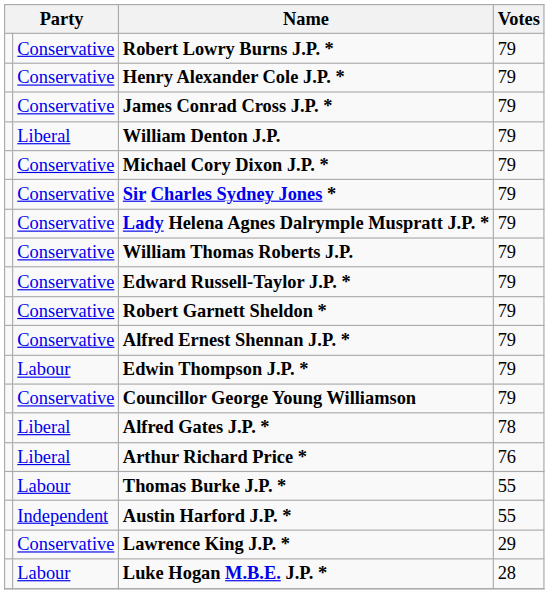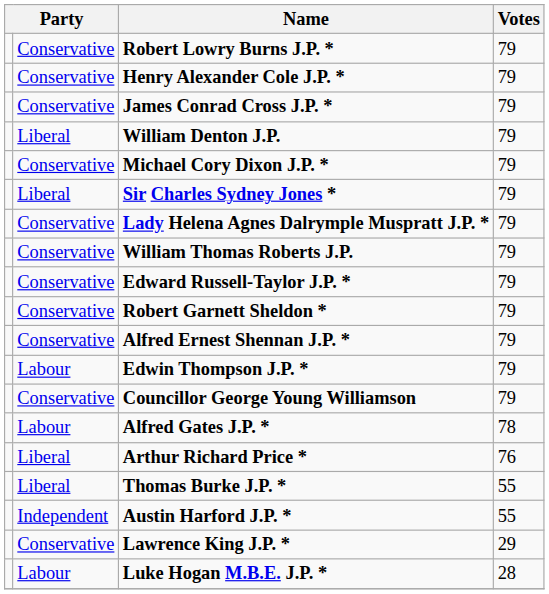 <table class="wikitable">
 <tr>
 <th colspan="2">Party</th>
 <th>Name</th>
 <th>Votes</th>
 </tr>
 <tr>
 <td style="background-color:"></td>
 <td><a href='#'>Conservative</a></td>
 <td><strong>Robert Lowry Burns J.P. *</strong></td>
 <td>79</td>
 </tr>
 <tr>
 <td style="background-color:"></td>
 <td><a href='#'>Conservative</a></td>
 <td><strong>Henry Alexander Cole J.P. *</strong></td>
 <td>79</td>
 </tr>
 <tr>
 <td style="background-color:"></td>
 <td><a href='#'>Conservative</a></td>
 <td><strong>James Conrad Cross J.P. *</strong></td>
 <td>79</td>
 </tr>
 <tr>
 <td style="background-color:"></td>
 <td><a href='#'>Liberal</a></td>
 <td><strong>William Denton J.P.</strong></td>
 <td>79</td>
 </tr>
 <tr>
 <td style="background-color:"></td>
 <td><a href='#'>Conservative</a></td>
 <td><strong>Michael Cory Dixon J.P. *</strong></td>
 <td>79</td>
 </tr>
 <tr>
 <td style="background-color:"></td>
-<td><a href='#'>Conservative</a></td>
+<td><a href='#'>Liberal</a></td>
 <td><strong><a href='#'>Sir</a> <a href='#'>Charles Sydney Jones</a> *</strong></td>
 <td>79</td>
 </tr>
 <tr>
 <td style="background-color:"></td>
 <td><a href='#'>Conservative</a></td>
 <td><strong><a href='#'>Lady</a> Helena Agnes Dalrymple Muspratt J.P. *</strong></td>
 <td>79</td>
 </tr>
 <tr>
 <td style="background-color:"></td>
 <td><a href='#'>Conservative</a></td>
 <td><strong>William Thomas Roberts J.P.</strong></td>
 <td>79</td>
 </tr>
 <tr>
 <td style="background-color:"></td>
 <td><a href='#'>Conservative</a></td>
 <td><strong>Edward Russell-Taylor J.P. *</strong></td>
 <td>79</td>
 </tr>
 <tr>
 <td style="background-color:"></td>
 <td><a href='#'>Conservative</a></td>
 <td><strong>Robert Garnett Sheldon *</strong></td>
 <td>79</td>
 </tr>
 <tr>
 <td style="background-color:"></td>
 <td><a href='#'>Conservative</a></td>
 <td><strong>Alfred Ernest Shennan J.P. *</strong></td>
 <td>79</td>
 </tr>
 <tr>
 <td style="background-color:"></td>
 <td><a href='#'>Labour</a></td>
 <td><strong>Edwin Thompson J.P. *</strong></td>
 <td>79</td>
 </tr>
 <tr>
 <td style="background-color:"></td>
 <td><a href='#'>Conservative</a></td>
 <td><strong>Councillor George Young Williamson</strong></td>
 <td>79</td>
 </tr>
 <tr>
 <td style="background-color:"></td>
-<td><a href='#'>Liberal</a></td>
+<td><a href='#'>Labour</a></td>
 <td><strong>Alfred Gates J.P. *</strong></td>
 <td>78</td>
 </tr>
 <tr>
 <td style="background-color:"></td>
 <td><a href='#'>Liberal</a></td>
 <td><strong>Arthur Richard Price *</strong></td>
 <td>76</td>
 </tr>
 <tr>
 <td style="background-color:"></td>
-<td><a href='#'>Labour</a></td>
+<td><a href='#'>Liberal</a></td>
 <td><strong>Thomas Burke J.P. *</strong></td>
 <td>55</td>
 </tr>
 <tr>
 <td style="background-color:"></td>
 <td><a href='#'>Independent</a></td>
 <td><strong>Austin Harford J.P. *</strong></td>
 <td>55</td>
 </tr>
 <tr>
 <td style="background-color:"></td>
 <td><a href='#'>Conservative</a></td>
 <td><strong>Lawrence King J.P. *</strong></td>
 <td>29</td>
 </tr>
 <tr>
 <td style="background-color:"></td>
 <td><a href='#'>Labour</a></td>
 <td><strong>Luke Hogan <a href='#'>M.B.E.</a> J.P. *</strong></td>
 <td>28</td>
 </tr>
 <tr>
 </tr>
 </table>
